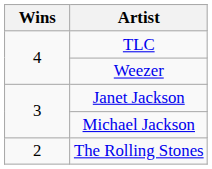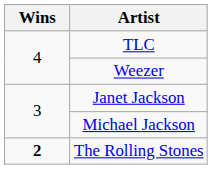 <table class="wikitable" rowspan="2" style="text-align:center">
 <tr>
 <th scope="col" style="width:55px;">Wins</th>
 <th scope="col" style="text-align:center;">Artist</th>
 </tr>
 <tr>
 <td rowspan="2" style="text-align:center">4</td>
 <td><a href='#'>TLC</a></td>
 </tr>
 <tr>
 <td><a href='#'>Weezer</a></td>
 </tr>
 <tr>
 <td rowspan="2" style="text-align:center">3</td>
 <td><a href='#'>Janet Jackson</a></td>
 </tr>
 <tr>
 <td><a href='#'>Michael Jackson</a></td>
 </tr>
 <tr>
-<td style="text-align:center">2</td>
+<td style="text-align:center"><strong>2</strong></td>
 <td><a href='#'>The Rolling Stones</a></td>
 </tr>
 </table>
